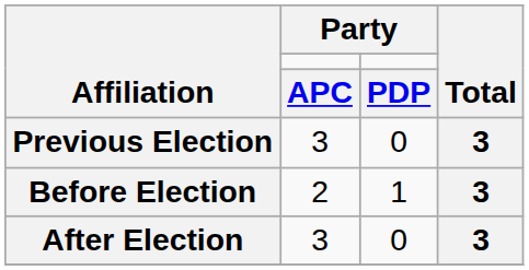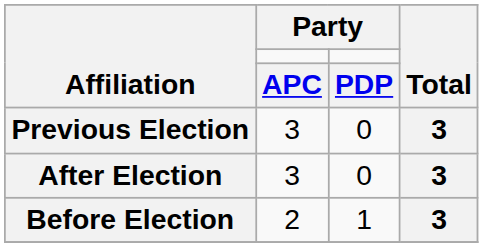 <table class=wikitable style="text-align:center">
 <tr style="vertical-align:bottom;">
 <th rowspan=3>Affiliation</th>
 <th colspan=2>Party</th>
 <th rowspan=3>Total</th>
 </tr>
 <tr>
 <td style="background-color:"></td>
 <td style="background-color:"></td>
 </tr>
 <tr>
 <th><a href='#'>APC</a></th>
 <th><a href='#'>PDP</a></th>
 </tr>
 <tr>
 <th>Previous Election</th>
 <td>3</td>
 <td>0</td>
 <th>3</th>
 </tr>
 <tr>
+<th>After Election</th>
+<td>3</td>
+<td>0</td>
+<th>3</th>
+</tr>
+<tr>
 <th>Before Election</th>
 <td>2</td>
 <td>1</td>
 <th>3</th>
 </tr>
 <tr>
-<th>After Election</th>
-<td>3</td>
-<td>0</td>
-<th>3</th>
-</tr>
-<tr>
 </tr>
 </table>
